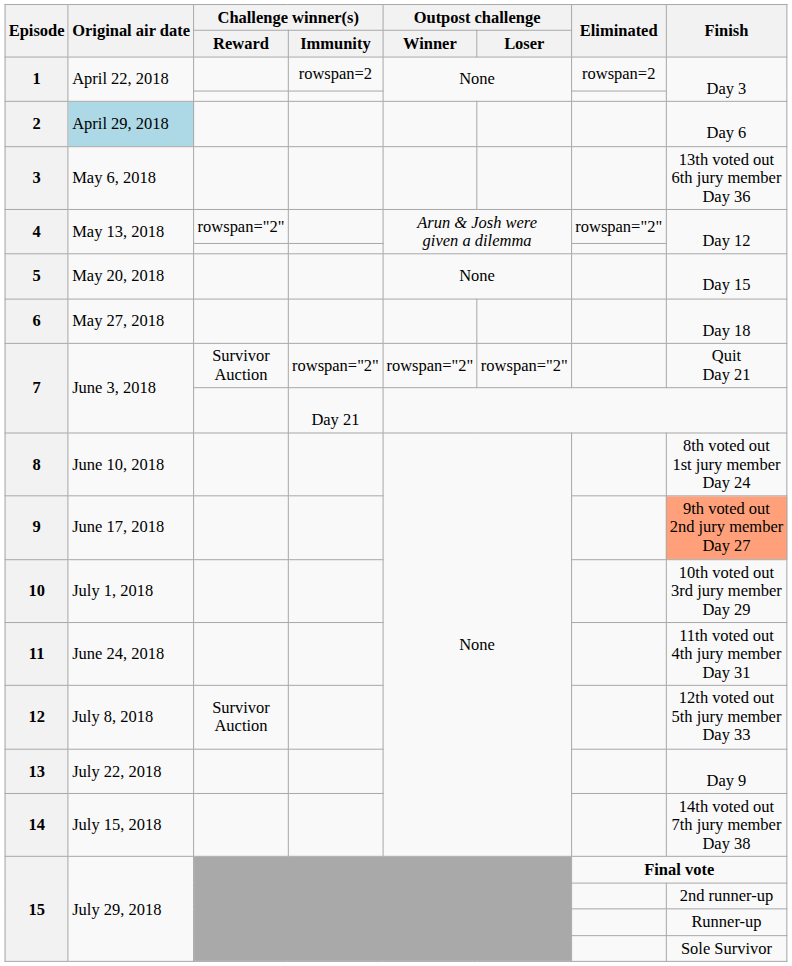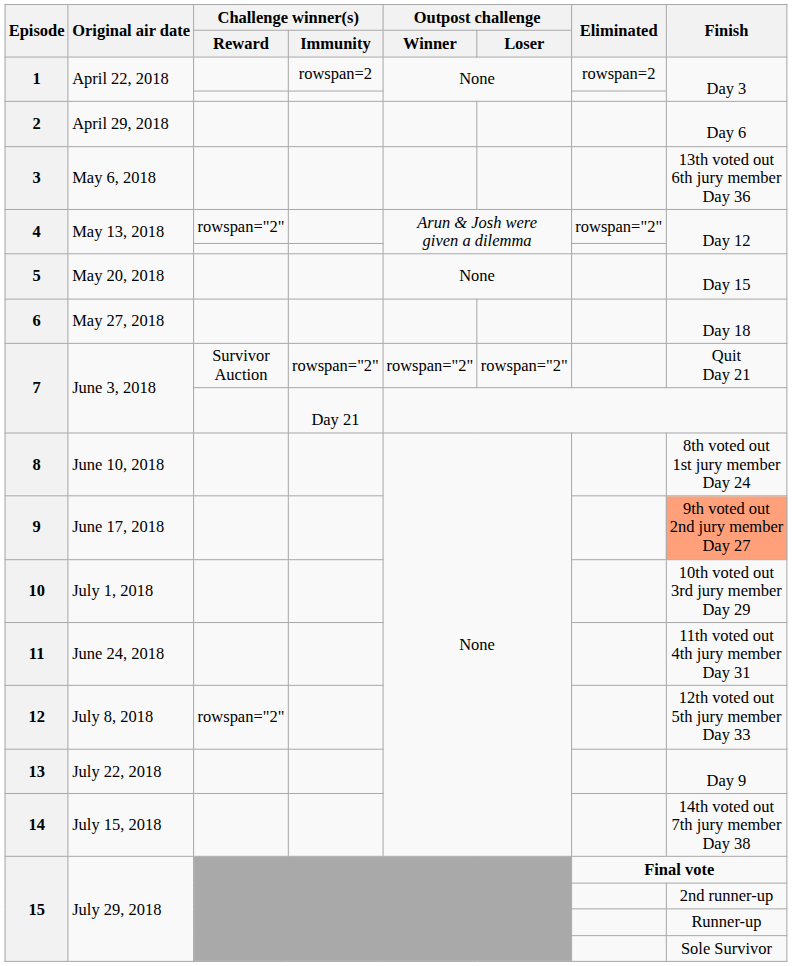 <table class="wikitable nowrap" style="margin:auto; text-align:center">
 <tr>
 <th rowspan=2>Episode</th>
 <th rowspan=2>Original air date</th>
 <th colspan=2>Challenge winner(s)</th>
 <th colspan=2>Outpost challenge</th>
 <th rowspan=2>Eliminated</th>
 <th rowspan=2>Finish</th>
 </tr>
 <tr>
 <th>Reward</th>
 <th>Immunity</th>
 <th>Winner</th>
 <th>Loser</th>
 </tr>
 <tr>
 <th rowspan=2>1</th>
 <td rowspan=2 align="left">April 22, 2018</td>
 <td></td>
 <td>rowspan=2 </td>
 <td rowspan=2 colspan=2>None</td>
 <td>rowspan=2 </td>
 <td rowspan=2><br>Day 3</td>
 </tr>
 <tr>
 <td></td>
 </tr>
 <tr>
 <th>2</th>
-<td align="left" style="background: lightblue;">April 29, 2018</td>
+<td align="left">April 29, 2018</td>
 <td></td>
 <td></td>
 <td></td>
 <td></td>
 <td></td>
 <td><br>Day 6</td>
 </tr>
 <tr>
 <th>3</th>
 <td align="left">May 6, 2018</td>
 <td></td>
 <td></td>
 <td></td>
 <td></td>
 <td></td>
 <td>13th voted out<br>6th jury member<br>Day 36</td>
 </tr>
 <tr>
 <th rowspan="2">4</th>
 <td rowspan="2" align="left">May 13, 2018</td>
 <td>rowspan="2" </td>
 <td></td>
 <td colspan="2" rowspan="2"><em>Arun & Josh were <br>given a dilemma</em></td>
 <td>rowspan="2" </td>
 <td rowspan="2"><br>Day 12</td>
 </tr>
 <tr>
 <td></td>
 </tr>
 <tr>
 <th>5</th>
 <td align="left">May 20, 2018</td>
 <td></td>
 <td></td>
 <td colspan="2">None</td>
 <td></td>
 <td><br>Day 15</td>
 </tr>
 <tr>
 <th>6</th>
 <td align="left">May 27, 2018</td>
 <td></td>
 <td></td>
 <td></td>
 <td></td>
 <td></td>
 <td><br>Day 18</td>
 </tr>
 <tr>
 <th rowspan="2">7</th>
 <td rowspan="2" align="left">June 3, 2018</td>
 <td>Survivor <br>Auction</td>
 <td>rowspan="2" </td>
 <td>rowspan="2" </td>
 <td>rowspan="2" </td>
 <td></td>
 <td>Quit<br>Day 21</td>
 </tr>
 <tr>
 <td></td>
 <td><br>Day 21</td>
 </tr>
 <tr>
 <th>8</th>
 <td align="left">June 10, 2018</td>
 <td></td>
 <td></td>
 <td rowspan=7 colspan="2">None</td>
 <td></td>
 <td>8th voted out<br>1st jury member<br>Day 24</td>
 </tr>
 <tr>
 <th>9</th>
 <td align="left">June 17, 2018</td>
 <td></td>
 <td></td>
 <td></td>
 <td style="background: lightsalmon;">9th voted out<br>2nd jury member<br>Day 27</td>
 </tr>
 <tr>
 <th>10</th>
 <td align="left">July 1, 2018</td>
 <td></td>
 <td></td>
 <td></td>
 <td>10th voted out<br>3rd jury member<br>Day 29</td>
 </tr>
 <tr>
 <th>11</th>
 <td align="left">June 24, 2018</td>
 <td></td>
 <td></td>
 <td></td>
 <td>11th voted out<br>4th jury member<br>Day 31</td>
 </tr>
 <tr>
 <th>12</th>
 <td align="left">July 8, 2018</td>
-<td>Survivor <br>Auction</td>
+<td>rowspan="2" </td>
 <td></td>
 <td></td>
 <td>12th voted out<br>5th jury member<br>Day 33</td>
 </tr>
 <tr>
 <th>13</th>
 <td align="left">July 22, 2018</td>
 <td></td>
 <td></td>
 <td></td>
 <td><br>Day 9</td>
 </tr>
 <tr>
 <th>14</th>
 <td align="left">July 15, 2018</td>
 <td></td>
 <td></td>
 <td></td>
 <td>14th voted out<br>7th jury member<br>Day 38</td>
 </tr>
 <tr>
 <th rowspan="4">15</th>
 <td rowspan="4" align="left">July 29, 2018</td>
 <td rowspan="4" colspan="4" bgcolor="darkgray"></td>
 <td colspan="2"><strong>Final vote</strong></td>
 </tr>
 <tr>
 <td></td>
 <td>2nd runner-up</td>
 </tr>
 <tr>
 <td></td>
 <td>Runner-up</td>
 </tr>
 <tr>
 <td></td>
 <td>Sole Survivor</td>
 </tr>
 </table>
